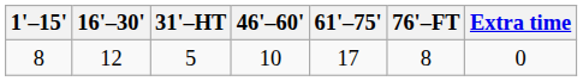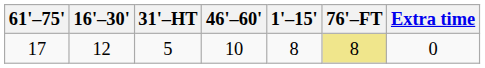 <table class="wikitable" style="text-align:center">
 <tr>
-<th>1'–15'</th>
+<th>61'–75'</th>
 <th>16'–30'</th>
 <th>31'–HT</th>
 <th>46'–60'</th>
-<th>61'–75'</th>
+<th>1'–15'</th>
 <th>76'–FT</th>
 <th><a href='#'>Extra time</a></th>
 </tr>
 <tr>
-<td>8</td>
+<td>17</td>
 <td>12</td>
 <td>5</td>
 <td>10</td>
-<td>17</td>
 <td>8</td>
+<td style="background: khaki;">8</td>
 <td>0</td>
 </tr>
 </table>
